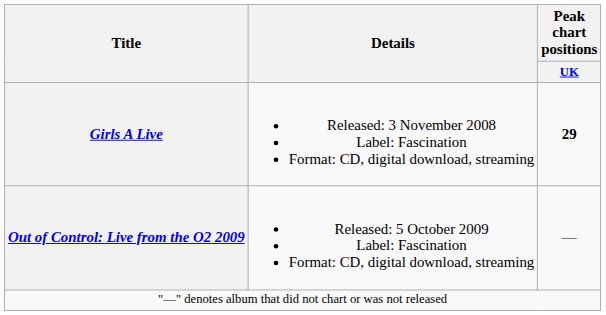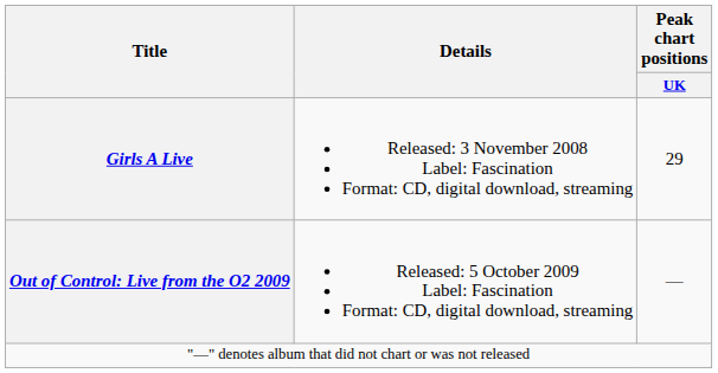 <table class="wikitable plainrowheaders" style="text-align:center">
 <tr>
 <th scope=col rowspan=2>Title</th>
 <th scope=col rowspan=2>Details</th>
 <th scope=col colspan=1>Peak chart positions</th>
 </tr>
 <tr>
 <th scope=col style="width:3em;font-size:85%;"><a href='#'>UK</a><br></th>
 </tr>
 <tr>
 <th scope=row><em><a href='#'>Girls A Live</a></em></th>
 <td><br><ul><li>Released: 3 November 2008</li><li>Label: Fascination</li><li>Format: CD, digital download, streaming</li></ul></td>
-<td><strong>29</strong></td>
+<td>29</td>
 </tr>
 <tr>
 <th scope=row><em><a href='#'>Out of Control: Live from the O2 2009</a></em></th>
 <td><br><ul><li>Released: 5 October 2009</li><li>Label: Fascination</li><li>Format: CD, digital download, streaming</li></ul></td>
 <td>—</td>
 </tr>
 <tr>
 <td colspan=14 style="font-size:85%">"—" denotes album that did not chart or was not released</td>
 </tr>
 </table>
